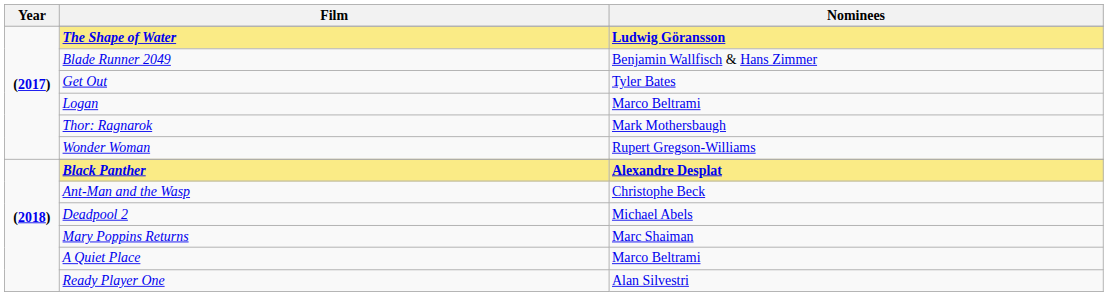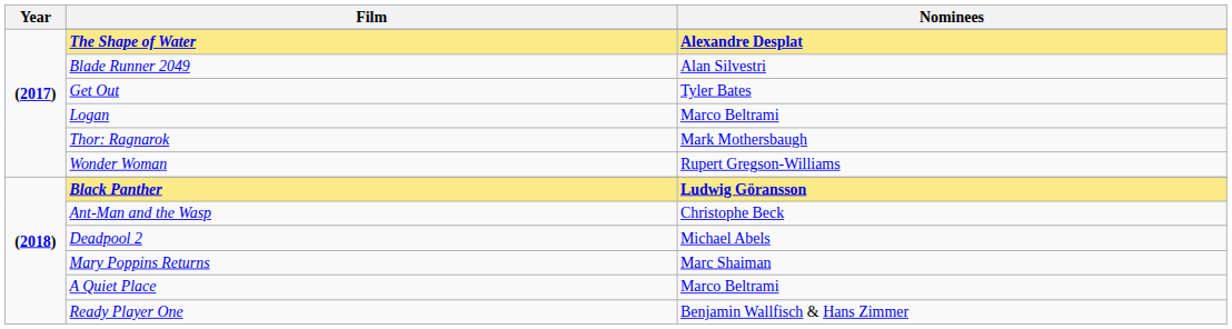 <table class="wikitable" style="width:100%">
 <tr bgcolor="#bebebe">
 <th width="5%">Year</th>
 <th width="50%">Film</th>
 <th width="45%">Nominees</th>
 </tr>
 <tr>
 <td rowspan=7 style="text-align:center"><strong>(<a href='#'>2017</a>)</strong><br> <br> </td>
 </tr>
 <tr style="background:#FAEB86">
 <td><strong><em><a href='#'>The Shape of Water</a></em></strong></td>
-<td><strong><a href='#'>Ludwig Göransson</a></strong></td>
+<td><strong><a href='#'>Alexandre Desplat</a></strong></td>
 </tr>
 <tr>
 <td><em><a href='#'>Blade Runner 2049</a></em></td>
-<td><a href='#'>Benjamin Wallfisch</a> & <a href='#'>Hans Zimmer</a></td>
+<td><a href='#'>Alan Silvestri</a></td>
 </tr>
 <tr>
 <td><em><a href='#'>Get Out</a></em></td>
 <td><a href='#'>Tyler Bates</a></td>
 </tr>
 <tr>
 <td><em><a href='#'>Logan</a></em></td>
 <td><a href='#'>Marco Beltrami</a></td>
 </tr>
 <tr>
 <td><em><a href='#'>Thor: Ragnarok</a></em></td>
 <td><a href='#'>Mark Mothersbaugh</a></td>
 </tr>
 <tr>
 <td><em><a href='#'>Wonder Woman</a></em></td>
 <td><a href='#'>Rupert Gregson-Williams</a></td>
 </tr>
 <tr>
 <td rowspan=7 style="text-align:center"><strong>(<a href='#'>2018</a>)</strong><br> <br> </td>
 </tr>
 <tr style="background:#FAEB86">
 <td><strong><em><a href='#'>Black Panther</a></em></strong></td>
-<td><strong><a href='#'>Alexandre Desplat</a></strong></td>
+<td><strong><a href='#'>Ludwig Göransson</a></strong></td>
 </tr>
 <tr>
 <td><em><a href='#'>Ant-Man and the Wasp</a></em></td>
 <td><a href='#'>Christophe Beck</a></td>
 </tr>
 <tr>
 <td><em><a href='#'>Deadpool 2</a></em></td>
 <td><a href='#'>Michael Abels</a></td>
 </tr>
 <tr>
 <td><em><a href='#'>Mary Poppins Returns</a></em></td>
 <td><a href='#'>Marc Shaiman</a></td>
 </tr>
 <tr>
 <td><em><a href='#'>A Quiet Place</a></em></td>
 <td><a href='#'>Marco Beltrami</a></td>
 </tr>
 <tr>
 <td><em><a href='#'>Ready Player One</a></em></td>
-<td><a href='#'>Alan Silvestri</a></td>
+<td><a href='#'>Benjamin Wallfisch</a> & <a href='#'>Hans Zimmer</a></td>
 </tr>
 </table>
